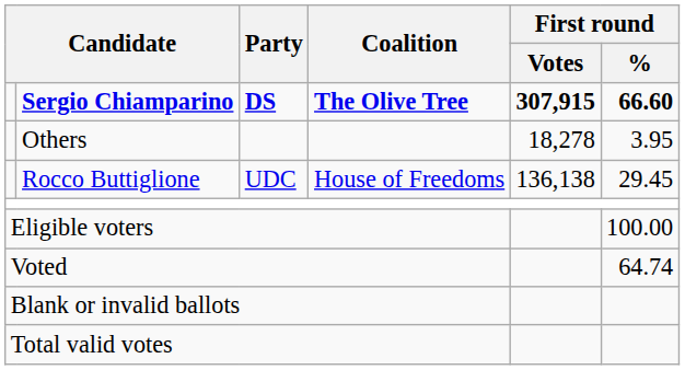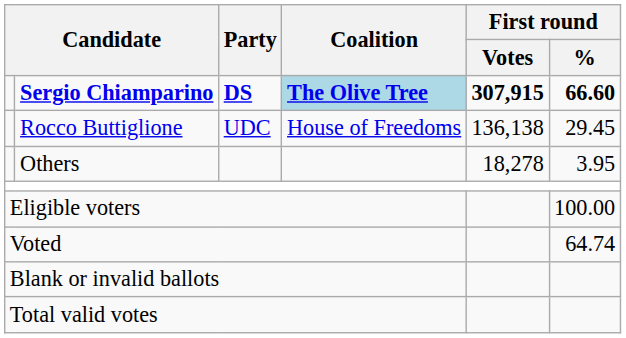 <table class="wikitable centre">
 <tr>
 <th scope="col" rowspan=2 colspan=2>Candidate</th>
 <th scope="col" rowspan=2 colspan=1>Party</th>
 <th scope="col" rowspan=2 colspan=1>Coalition</th>
 <th scope="col" colspan=2>First round</th>
 </tr>
 <tr>
 <th scope="col">Votes</th>
 <th scope="col">%</th>
 </tr>
 <tr>
 <td></td>
 <td><strong><a href='#'>Sergio Chiamparino</a></strong></td>
 <td><strong><a href='#'>DS</a></strong></td>
-<td><strong><a href='#'>The Olive Tree</a></strong></td>
+<td style="background: lightblue;"><strong><a href='#'>The Olive Tree</a></strong></td>
 <td style="text-align: right"><strong>307,915</strong></td>
 <td style="text-align: right"><strong>66.60</strong></td>
+</tr>
+<tr>
+<td></td>
+<td><a href='#'>Rocco Buttiglione</a></td>
+<td><a href='#'>UDC</a></td>
+<td><a href='#'>House of Freedoms</a></td>
+<td style="text-align: right">136,138</td>
+<td style="text-align: right">29.45</td>
 </tr>
 <tr>
 <td bgcolor=""></td>
 <td>Others</td>
 <td></td>
 <td></td>
 <td style="text-align: right">18,278</td>
 <td style="text-align: right">3.95</td>
-</tr>
-<tr>
-<td></td>
-<td><a href='#'>Rocco Buttiglione</a></td>
-<td><a href='#'>UDC</a></td>
-<td><a href='#'>House of Freedoms</a></td>
-<td style="text-align: right">136,138</td>
-<td style="text-align: right">29.45</td>
 </tr>
 <tr bgcolor=white>
 <td colspan=6></td>
 </tr>
 <tr>
 <td colspan=4>Eligible voters</td>
 <td style="text-align: right"></td>
 <td style="text-align: right">100.00</td>
 </tr>
 <tr>
 <td colspan=4>Voted</td>
 <td style="text-align: right"></td>
 <td style="text-align: right">64.74</td>
 </tr>
 <tr>
 <td colspan=4>Blank or invalid ballots</td>
 <td style="text-align: right"></td>
 <td style="text-align: right"></td>
 </tr>
 <tr>
 <td colspan=4>Total valid votes</td>
 <td style="text-align: right"></td>
 <td style="text-align: right"></td>
 </tr>
 </table>
